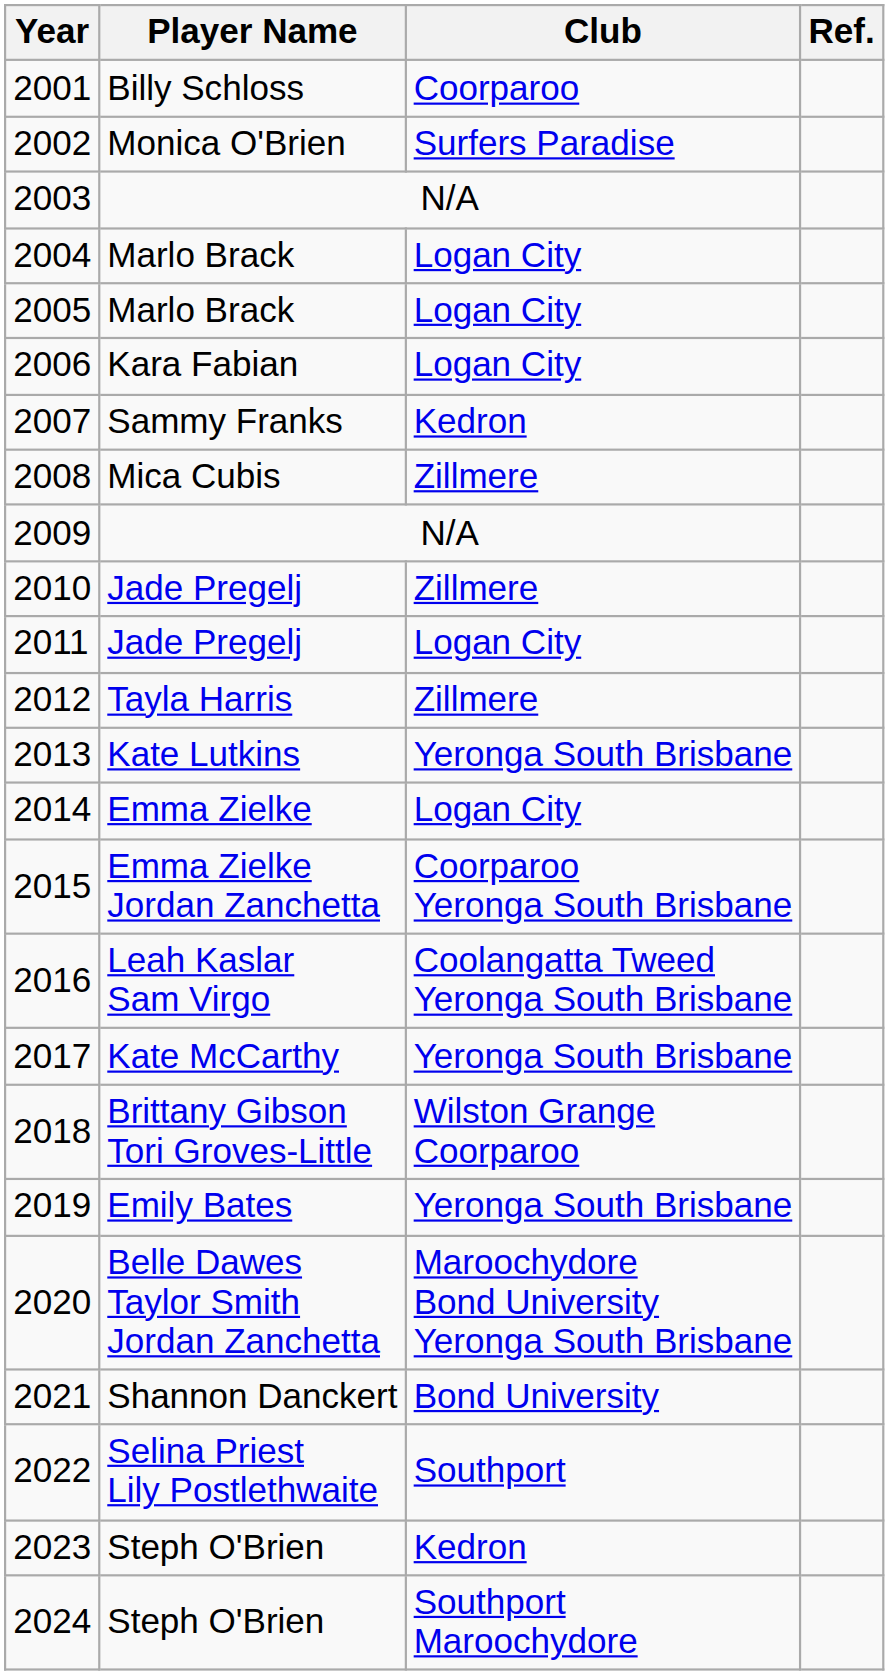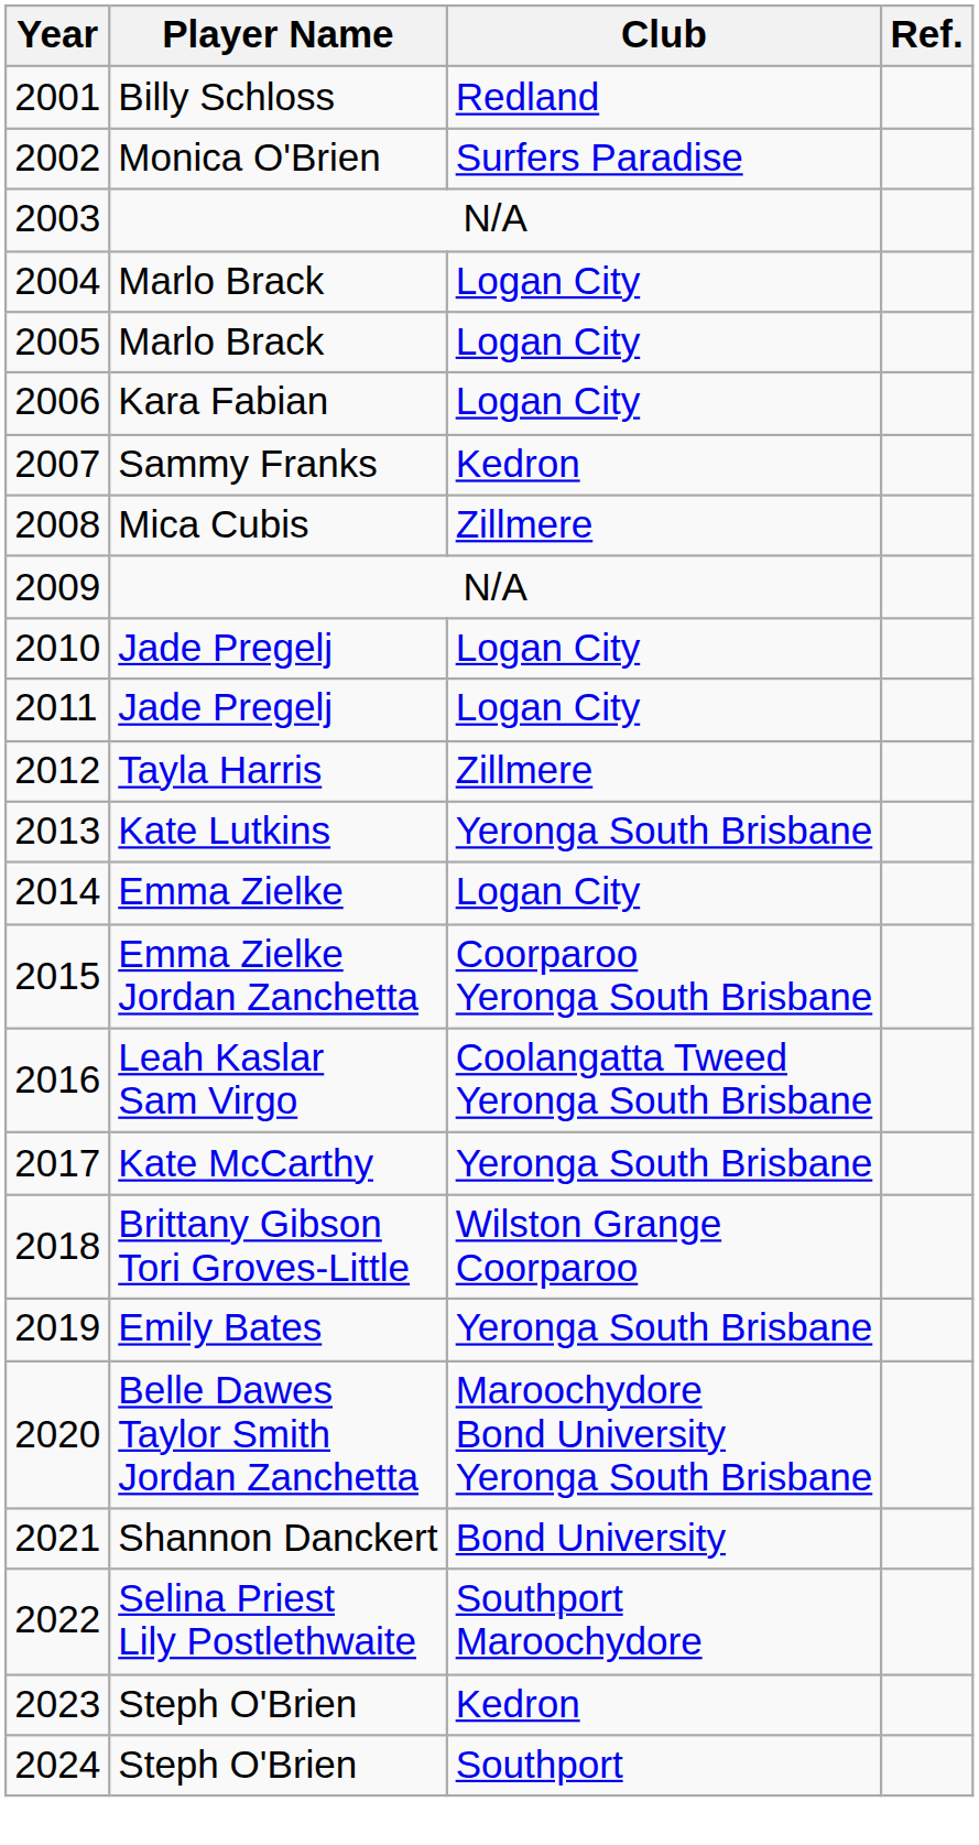 <table class="wikitable sortable">
 <tr>
 <th>Year</th>
 <th>Player Name</th>
 <th>Club</th>
 <th class="unsortable">Ref.</th>
 </tr>
 <tr>
 <td>2001</td>
 <td>Billy Schloss</td>
-<td><a href='#'>Coorparoo</a></td>
+<td><a href='#'>Redland</a></td>
 <td></td>
 </tr>
 <tr>
 <td>2002</td>
 <td>Monica O'Brien</td>
 <td><a href='#'>Surfers Paradise</a></td>
 <td></td>
 </tr>
 <tr>
 <td>2003</td>
 <td colspan="2" style="text-align: center;">N/A</td>
 <td></td>
 </tr>
 <tr>
 <td>2004</td>
 <td>Marlo Brack</td>
 <td><a href='#'>Logan City</a></td>
 <td></td>
 </tr>
 <tr>
 <td>2005</td>
 <td>Marlo Brack</td>
 <td><a href='#'>Logan City</a></td>
 <td></td>
 </tr>
 <tr>
 <td>2006</td>
 <td>Kara Fabian</td>
 <td><a href='#'>Logan City</a></td>
 <td></td>
 </tr>
 <tr>
 <td>2007</td>
 <td>Sammy Franks</td>
 <td><a href='#'>Kedron</a></td>
 <td></td>
 </tr>
 <tr>
 <td>2008</td>
 <td>Mica Cubis</td>
 <td><a href='#'>Zillmere</a></td>
 <td></td>
 </tr>
 <tr>
 <td>2009</td>
 <td colspan="2" style="text-align: center;">N/A</td>
 <td></td>
 </tr>
 <tr>
 <td>2010</td>
 <td><a href='#'>Jade Pregelj</a></td>
-<td><a href='#'>Zillmere</a></td>
+<td><a href='#'>Logan City</a></td>
 <td></td>
 </tr>
 <tr>
 <td>2011</td>
 <td><a href='#'>Jade Pregelj</a></td>
 <td><a href='#'>Logan City</a></td>
 <td></td>
 </tr>
 <tr>
 <td>2012</td>
 <td><a href='#'>Tayla Harris</a></td>
 <td><a href='#'>Zillmere</a></td>
 <td></td>
 </tr>
 <tr>
 <td>2013</td>
 <td><a href='#'>Kate Lutkins</a></td>
 <td><a href='#'>Yeronga South Brisbane</a></td>
 <td></td>
 </tr>
 <tr>
 <td>2014</td>
 <td><a href='#'>Emma Zielke</a></td>
 <td><a href='#'>Logan City</a></td>
 <td></td>
 </tr>
 <tr>
 <td>2015</td>
 <td><a href='#'>Emma Zielke</a> <br> <a href='#'>Jordan Zanchetta</a></td>
 <td><a href='#'>Coorparoo</a> <br> <a href='#'>Yeronga South Brisbane</a></td>
 <td></td>
 </tr>
 <tr>
 <td>2016</td>
 <td><a href='#'>Leah Kaslar</a> <br> <a href='#'>Sam Virgo</a></td>
 <td><a href='#'>Coolangatta Tweed</a> <br> <a href='#'>Yeronga South Brisbane</a></td>
 <td></td>
 </tr>
 <tr>
 <td>2017</td>
 <td><a href='#'>Kate McCarthy</a></td>
 <td><a href='#'>Yeronga South Brisbane</a></td>
 <td></td>
 </tr>
 <tr>
 <td>2018</td>
 <td><a href='#'>Brittany Gibson</a> <br> <a href='#'>Tori Groves-Little</a></td>
 <td><a href='#'>Wilston Grange</a> <br> <a href='#'>Coorparoo</a></td>
 <td></td>
 </tr>
 <tr>
 <td>2019</td>
 <td><a href='#'>Emily Bates</a></td>
 <td><a href='#'>Yeronga South Brisbane</a></td>
 <td></td>
 </tr>
 <tr>
 <td>2020</td>
 <td><a href='#'>Belle Dawes</a> <br> <a href='#'>Taylor Smith</a> <br> <a href='#'>Jordan Zanchetta</a></td>
 <td><a href='#'>Maroochydore</a> <br> <a href='#'>Bond University</a> <br> <a href='#'>Yeronga South Brisbane</a></td>
 <td></td>
 </tr>
 <tr>
 <td>2021</td>
 <td>Shannon Danckert</td>
 <td><a href='#'>Bond University</a></td>
 <td></td>
 </tr>
 <tr>
 <td>2022</td>
 <td><a href='#'>Selina Priest</a> <br> <a href='#'>Lily Postlethwaite</a></td>
-<td><a href='#'>Southport</a></td>
+<td><a href='#'>Southport</a> <br> <a href='#'>Maroochydore</a></td>
 <td></td>
 </tr>
 <tr>
 <td>2023</td>
 <td>Steph O'Brien</td>
 <td><a href='#'>Kedron</a></td>
 <td></td>
 </tr>
 <tr>
 <td>2024</td>
 <td>Steph O'Brien</td>
-<td><a href='#'>Southport</a> <br> <a href='#'>Maroochydore</a></td>
+<td><a href='#'>Southport</a></td>
 <td></td>
 </tr>
 </table>
